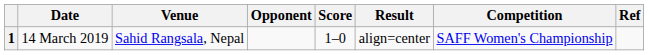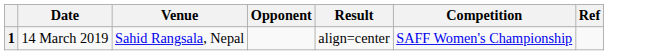 <table class="wikitable sortable">
 <tr>
 <th scope=col></th>
 <th scope=col>Date</th>
 <th scope=col>Venue</th>
 <th scope=col>Opponent</th>
-<th scope=col>Score</th>
 <th scope=col>Result</th>
 <th scope=col>Competition</th>
 <th scope="col" class="unsortable">Ref</th>
 </tr>
 <tr>
 <th scope=row>1</th>
 <td align=center>14 March 2019</td>
 <td><a href='#'>Sahid Rangsala</a>, Nepal</td>
 <td></td>
-<td align=center>1–0</td>
 <td>align=center </td>
 <td><a href='#'>SAFF Women's Championship</a></td>
 <td></td>
 </tr>
 </table>
